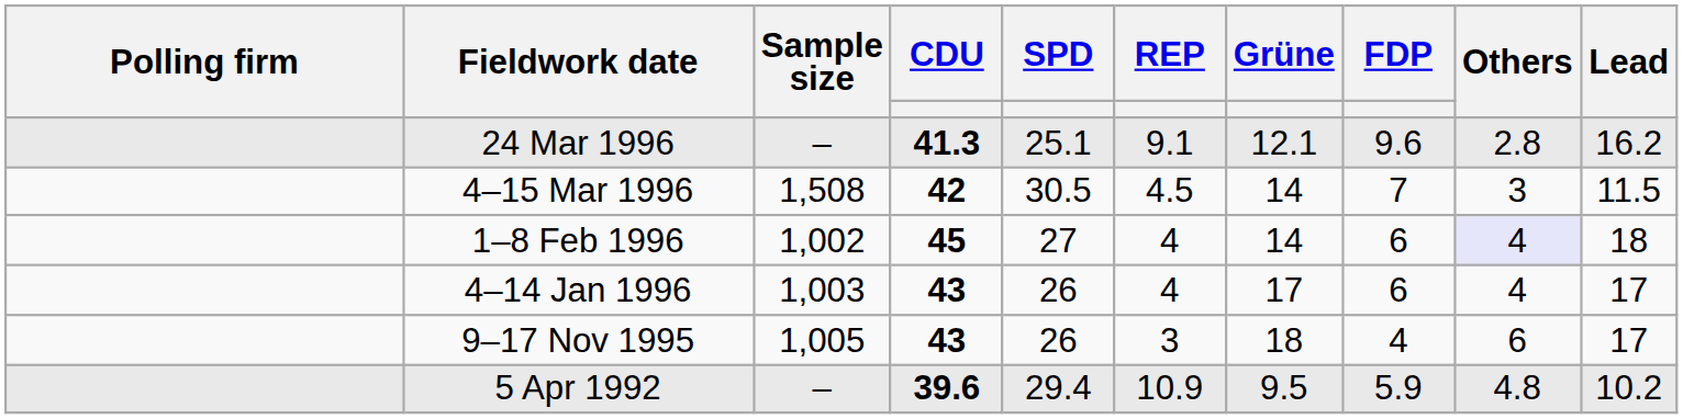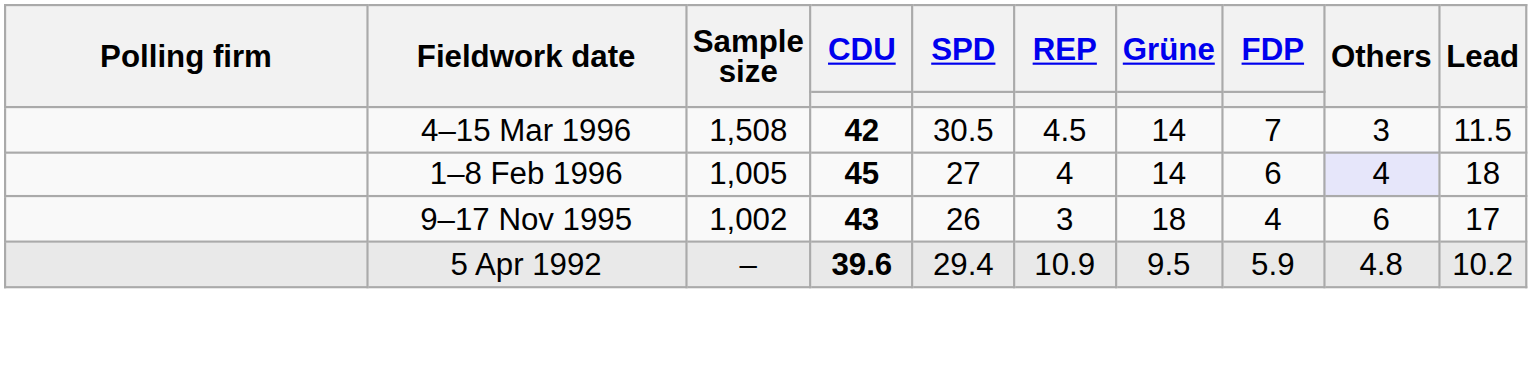 <table class="wikitable sortable" style="text-align:center;font-size:90%;line-height:14px;">
 <tr style="height:40px;">
 <th style="width:160px;" rowspan="2">Polling firm</th>
 <th style="width:140px;" rowspan="2">Fieldwork date</th>
 <th style="width:35px;" rowspan="2">Sample<br>size</th>
 <th class="unsortable" style="width:40px;"><a href='#'>CDU</a></th>
 <th class="unsortable" style="width:40px;"><a href='#'>SPD</a></th>
 <th class="unsortable" style="width:40px;"><a href='#'>REP</a></th>
 <th class="unsortable" style="width:40px;"><a href='#'>Grüne</a></th>
 <th class="unsortable" style="width:40px;"><a href='#'>FDP</a></th>
 <th class="unsortable" style="width:40px;" rowspan="2">Others</th>
 <th style="width:30px;" rowspan="2">Lead</th>
 </tr>
 <tr>
 <th style="background:"></th>
 <th style="background:"></th>
 <th style="background:"></th>
 <th style="background:"></th>
 <th style="background:"></th>
 </tr>
-<tr style="background:#E9E9E9;">
-<td></td>
-<td data-sort-value="1996-03-24">24 Mar 1996</td>
-<td>–</td>
-<td><strong>41.3</strong></td>
-<td>25.1</td>
-<td>9.1</td>
-<td>12.1</td>
-<td>9.6</td>
-<td>2.8</td>
-<td style="background:">16.2</td>
-</tr>
 <tr>
 <td></td>
 <td data-sort-value="1996-03-16">4–15 Mar 1996</td>
 <td>1,508</td>
 <td><strong>42</strong></td>
 <td>30.5</td>
 <td>4.5</td>
 <td>14</td>
 <td>7</td>
 <td>3</td>
 <td style="background:">11.5</td>
 </tr>
 <tr>
 <td></td>
 <td data-sort-value="1996-02-16">1–8 Feb 1996</td>
-<td>1,002</td>
+<td>1,005</td>
 <td><strong>45</strong></td>
 <td>27</td>
 <td>4</td>
 <td>14</td>
 <td>6</td>
 <td style="background: lavender;">4</td>
 <td style="background:">18</td>
 </tr>
 <tr>
 <td></td>
-<td data-sort-value="1996-01-19">4–14 Jan 1996</td>
-<td>1,003</td>
-<td><strong>43</strong></td>
-<td>26</td>
-<td>4</td>
-<td>17</td>
-<td>6</td>
-<td>4</td>
-<td style="background:">17</td>
-</tr>
-<tr>
-<td></td>
 <td data-sort-value="1995-11-24">9–17 Nov 1995</td>
-<td>1,005</td>
+<td>1,002</td>
 <td><strong>43</strong></td>
 <td>26</td>
 <td>3</td>
 <td>18</td>
 <td>4</td>
 <td>6</td>
 <td style="background:">17</td>
 </tr>
 <tr style="background:#E9E9E9;">
 <td></td>
 <td data-sort-value="1992-04-05">5 Apr 1992</td>
 <td>–</td>
 <td><strong>39.6</strong></td>
 <td>29.4</td>
 <td>10.9</td>
 <td>9.5</td>
 <td>5.9</td>
 <td>4.8</td>
 <td style="background:">10.2</td>
 </tr>
 </table>
